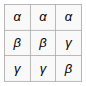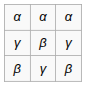 <table class="wikitable" style="margin-left:auto;margin-right:auto;text-align:center;width:6em;height:6em;table-layout:fixed;">
 <tr>
 <td><em>α</em></td>
 <td><em>α</em></td>
 <td><em>α</em></td>
 </tr>
 <tr>
-<td><em>β</em></td>
+<td><em>γ</em></td>
 <td><em>β</em></td>
 <td><em>γ</em></td>
 </tr>
 <tr>
-<td><em>γ</em></td>
+<td><em>β</em></td>
 <td><em>γ</em></td>
 <td><em>β</em></td>
 </tr>
 </table>
